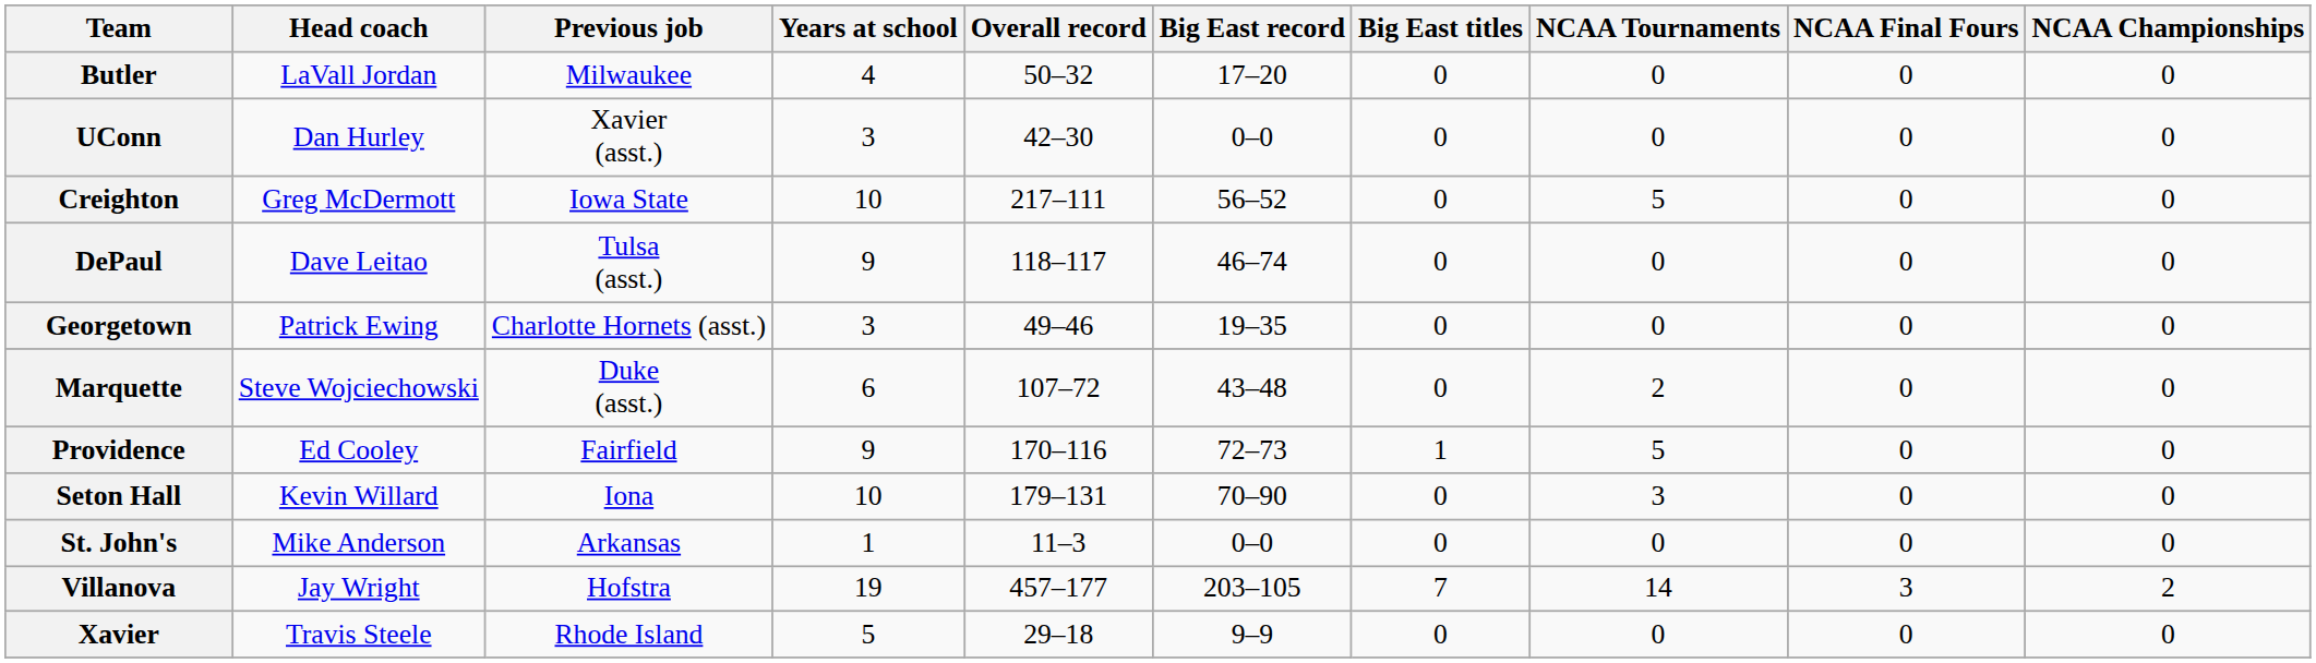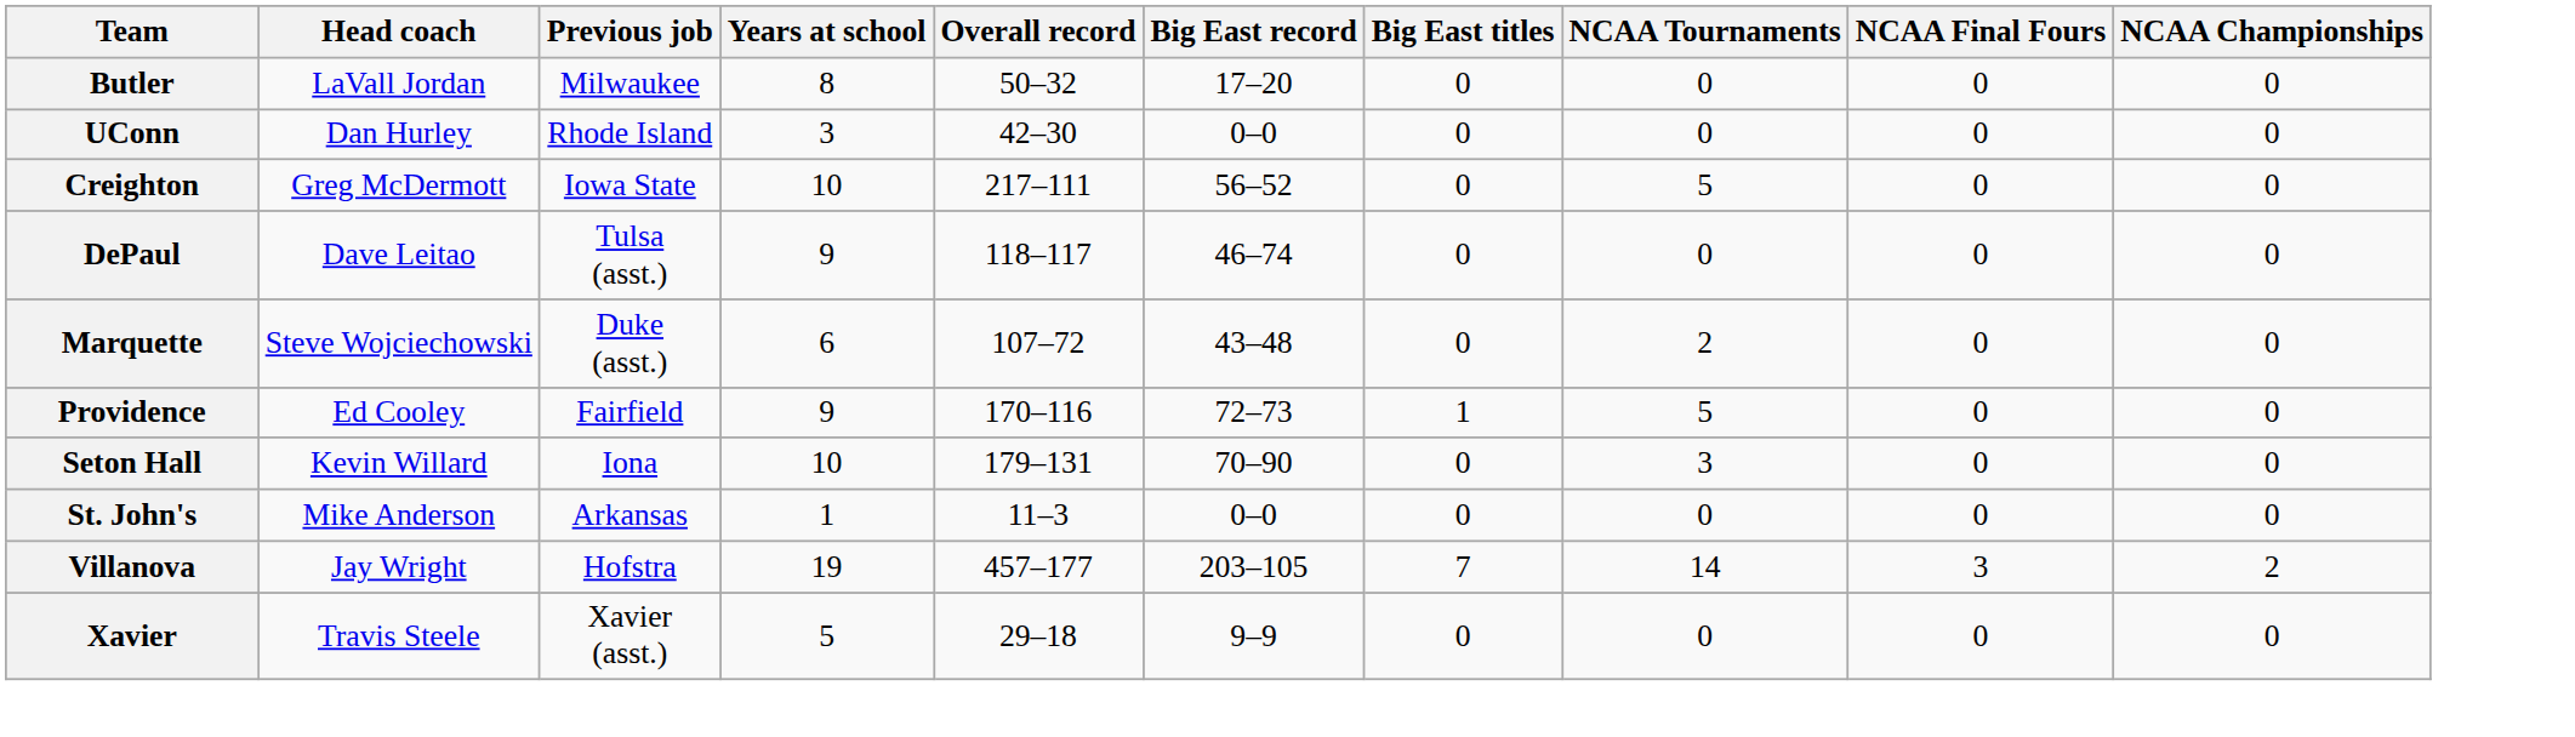 <table class="wikitable sortable" style="text-align: center;font-size:90%;">
 <tr>
 <th width="110">Team</th>
 <th>Head coach</th>
 <th>Previous job</th>
 <th>Years at school</th>
 <th>Overall record</th>
 <th>Big East record</th>
 <th>Big East titles</th>
 <th>NCAA Tournaments</th>
 <th>NCAA Final Fours</th>
 <th>NCAA Championships</th>
 </tr>
 <tr>
 <th>Butler</th>
 <td><a href='#'>LaVall Jordan</a></td>
 <td><a href='#'>Milwaukee</a></td>
-<td>4</td>
+<td>8</td>
 <td>50–32</td>
 <td>17–20</td>
 <td>0</td>
 <td>0</td>
 <td>0</td>
 <td>0</td>
 </tr>
 <tr>
 <th>UConn</th>
 <td><a href='#'>Dan Hurley</a></td>
-<td>Xavier<br>(asst.)</td>
+<td><a href='#'>Rhode Island</a></td>
 <td>3</td>
 <td>42–30</td>
 <td>0–0</td>
 <td>0</td>
 <td>0</td>
 <td>0</td>
 <td>0</td>
 </tr>
 <tr>
 <th style=>Creighton</th>
 <td><a href='#'>Greg McDermott</a></td>
 <td><a href='#'>Iowa State</a></td>
 <td>10</td>
 <td>217–111</td>
 <td>56–52</td>
 <td>0</td>
 <td>5</td>
 <td>0</td>
 <td>0</td>
 </tr>
 <tr>
 <th style=>DePaul</th>
 <td><a href='#'>Dave Leitao</a></td>
 <td><a href='#'>Tulsa</a><br>(asst.)</td>
 <td>9</td>
 <td>118–117</td>
 <td>46–74</td>
-<td>0</td>
-<td>0</td>
-<td>0</td>
-<td>0</td>
-</tr>
-<tr>
-<th style=>Georgetown</th>
-<td><a href='#'>Patrick Ewing</a></td>
-<td><a href='#'>Charlotte Hornets</a> (asst.)</td>
-<td>3</td>
-<td>49–46</td>
-<td>19–35</td>
 <td>0</td>
 <td>0</td>
 <td>0</td>
 <td>0</td>
 </tr>
 <tr>
 <th style=>Marquette</th>
 <td><a href='#'>Steve Wojciechowski</a></td>
 <td><a href='#'>Duke</a><br>(asst.)</td>
 <td>6</td>
 <td>107–72</td>
 <td>43–48</td>
 <td>0</td>
 <td>2</td>
 <td>0</td>
 <td>0</td>
 </tr>
 <tr>
 <th style=>Providence</th>
 <td><a href='#'>Ed Cooley</a></td>
 <td><a href='#'>Fairfield</a></td>
 <td>9</td>
 <td>170–116</td>
 <td>72–73</td>
 <td>1</td>
 <td>5</td>
 <td>0</td>
 <td>0</td>
 </tr>
 <tr>
 <th style=>Seton Hall</th>
 <td><a href='#'>Kevin Willard</a></td>
 <td><a href='#'>Iona</a></td>
 <td>10</td>
 <td>179–131</td>
 <td>70–90</td>
 <td>0</td>
 <td>3</td>
 <td>0</td>
 <td>0</td>
 </tr>
 <tr>
 <th>St. John's</th>
 <td><a href='#'>Mike Anderson</a></td>
 <td><a href='#'>Arkansas</a></td>
 <td>1</td>
 <td>11–3</td>
 <td>0–0</td>
 <td>0</td>
 <td>0</td>
 <td>0</td>
 <td>0</td>
 </tr>
 <tr>
 <th>Villanova</th>
 <td><a href='#'>Jay Wright</a></td>
 <td><a href='#'>Hofstra</a></td>
 <td>19</td>
 <td>457–177</td>
 <td>203–105</td>
 <td>7</td>
 <td>14</td>
 <td>3</td>
 <td>2</td>
 </tr>
 <tr>
 <th>Xavier</th>
 <td><a href='#'>Travis Steele</a></td>
-<td><a href='#'>Rhode Island</a></td>
+<td>Xavier<br>(asst.)</td>
 <td>5</td>
 <td>29–18</td>
 <td>9–9</td>
 <td>0</td>
 <td>0</td>
 <td>0</td>
 <td>0</td>
 </tr>
 </table>
